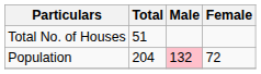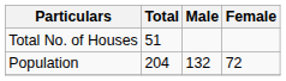 <table class="wikitable sortable">
 <tr>
 <th>Particulars</th>
 <th>Total</th>
 <th>Male</th>
 <th>Female</th>
 </tr>
 <tr>
 <td>Total No. of Houses</td>
 <td>51</td>
 <td></td>
 <td></td>
 </tr>
 <tr>
 <td>Population</td>
 <td>204</td>
-<td style="background: pink;">132</td>
+<td>132</td>
 <td>72</td>
 </tr>
 <tr>
 </tr>
 </table>
